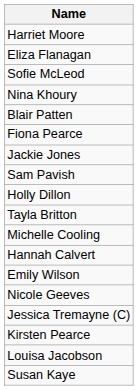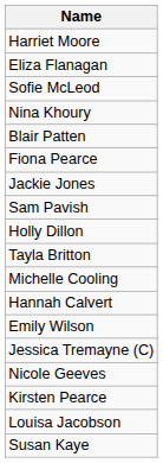 <table class="wikitable">
 <tr>
 <th>Name</th>
 </tr>
 <tr>
 <td>Harriet Moore</td>
 </tr>
 <tr>
 <td>Eliza Flanagan</td>
 </tr>
 <tr>
 <td>Sofie McLeod</td>
 </tr>
 <tr>
 <td>Nina Khoury</td>
 </tr>
 <tr>
 <td>Blair Patten</td>
 </tr>
 <tr>
 <td>Fiona Pearce</td>
 </tr>
 <tr>
 <td>Jackie Jones</td>
 </tr>
 <tr>
 <td>Sam Pavish</td>
 </tr>
 <tr>
 <td>Holly Dillon</td>
 </tr>
 <tr>
 <td>Tayla Britton</td>
 </tr>
 <tr>
 <td>Michelle Cooling</td>
 </tr>
 <tr>
 <td>Hannah Calvert</td>
 </tr>
 <tr>
 <td>Emily Wilson</td>
 </tr>
 <tr>
-<td>Nicole Geeves</td>
+<td>Jessica Tremayne (C)</td>
 </tr>
 <tr>
-<td>Jessica Tremayne (C)</td>
+<td>Nicole Geeves</td>
 </tr>
 <tr>
 <td>Kirsten Pearce</td>
 </tr>
 <tr>
 <td>Louisa Jacobson</td>
 </tr>
 <tr>
 <td>Susan Kaye</td>
 </tr>
 </table>
